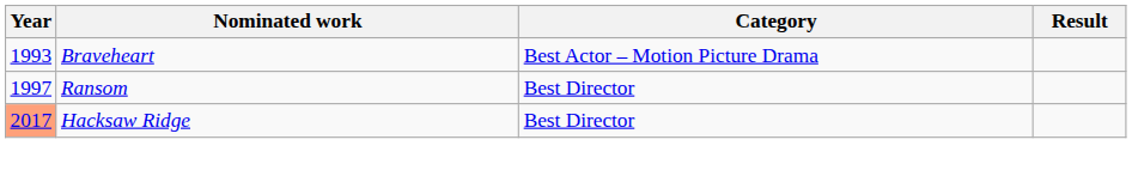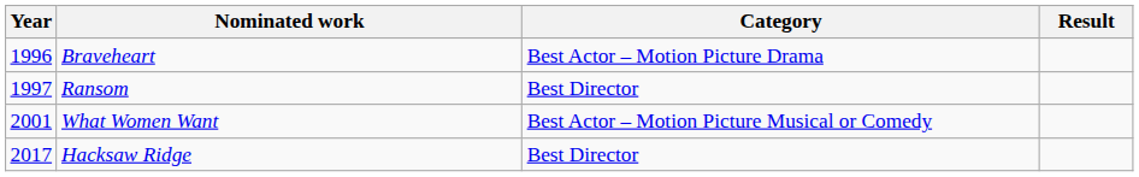 <table class="wikitable">
 <tr>
 <th scope="col" style="width:1em;">Year</th>
 <th scope="col" style="width:35em;">Nominated work</th>
 <th scope="col" style="width:40em;">Category</th>
 <th scope="col" style="width:5em;">Result</th>
 </tr>
 <tr>
-<td><a href='#'>1993</a></td>
+<td><a href='#'>1996</a></td>
 <td><em><a href='#'>Braveheart</a></em></td>
 <td><a href='#'>Best Actor – Motion Picture Drama</a></td>
 <td></td>
 </tr>
 <tr>
 <td><a href='#'>1997</a></td>
 <td><em><a href='#'>Ransom</a></em></td>
 <td><a href='#'>Best Director</a></td>
 <td></td>
 </tr>
 <tr>
-<td style="background: lightsalmon;"><a href='#'>2017</a></td>
+<td><a href='#'>2001</a></td>
+<td><em><a href='#'>What Women Want</a></em></td>
+<td><a href='#'>Best Actor – Motion Picture Musical or Comedy</a></td>
+<td></td>
+</tr>
+<tr>
+<td><a href='#'>2017</a></td>
 <td><em><a href='#'>Hacksaw Ridge</a></em></td>
 <td><a href='#'>Best Director</a></td>
 <td></td>
 </tr>
 </table>
